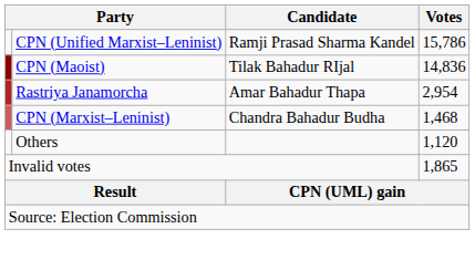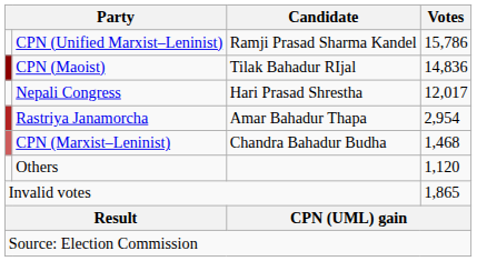 <table class="wikitable">
 <tr>
 <th colspan="2">Party</th>
 <th>Candidate</th>
 <th>Votes</th>
 </tr>
 <tr>
 <td style="background-color:"></td>
 <td><a href='#'>CPN (Unified Marxist–Leninist)</a></td>
 <td>Ramji Prasad Sharma Kandel</td>
 <td>15,786</td>
 </tr>
 <tr>
 <td style="background-color:darkred"></td>
 <td><a href='#'>CPN (Maoist)</a></td>
 <td>Tilak Bahadur RIjal</td>
 <td>14,836</td>
+</tr>
+<tr>
+<td style="background-color:"></td>
+<td><a href='#'>Nepali Congress</a></td>
+<td>Hari Prasad Shrestha</td>
+<td>12,017</td>
 </tr>
 <tr>
 <td style="background-color:firebrick"></td>
 <td><a href='#'>Rastriya Janamorcha</a></td>
 <td>Amar Bahadur Thapa</td>
 <td>2,954</td>
 </tr>
 <tr>
 <td style="background-color:indianred"></td>
 <td><a href='#'>CPN (Marxist–Leninist)</a></td>
 <td>Chandra Bahadur Budha</td>
 <td>1,468</td>
 </tr>
 <tr>
 <td></td>
 <td>Others</td>
 <td></td>
 <td>1,120</td>
 </tr>
 <tr>
 <td colspan="3">Invalid votes</td>
 <td>1,865</td>
 </tr>
 <tr>
 <th colspan="2">Result</th>
 <th colspan="2">CPN (UML) gain</th>
 </tr>
 <tr>
 <td colspan="4">Source: Election Commission</td>
 </tr>
 </table>
